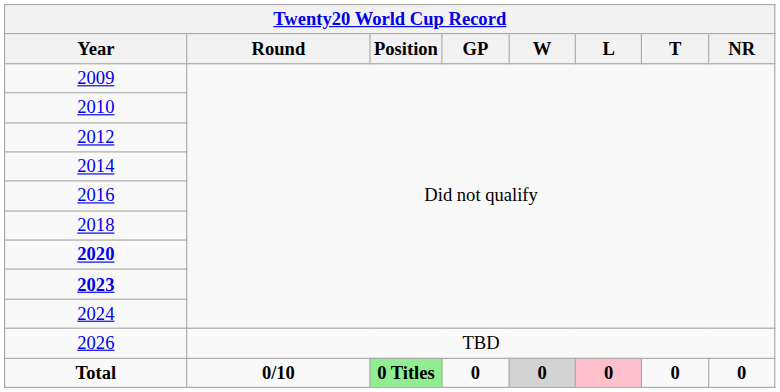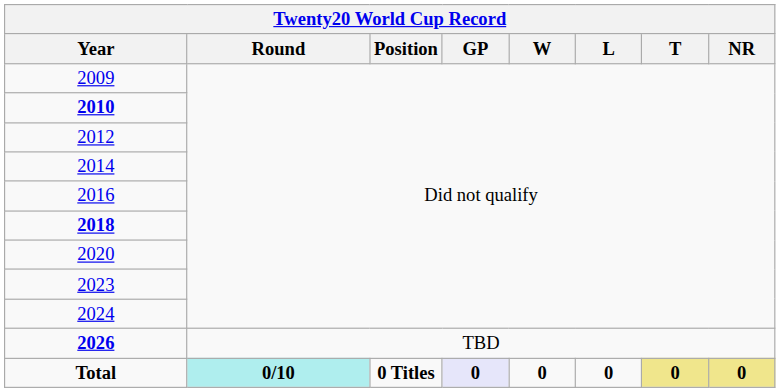 <table class="wikitable" style="text-align: center; width=900px;">
 <tr>
 <th colspan="8"><a href='#'>Twenty20 World Cup Record</a></th>
 </tr>
 <tr>
 <th width=150>Year</th>
 <th width=150>Round</th>
 <th width=50>Position</th>
 <th width=50>GP</th>
 <th width=50>W</th>
 <th width=50>L</th>
 <th width=50>T</th>
 <th width=50>NR</th>
 </tr>
 <tr>
 <td> <a href='#'>2009</a></td>
 <td colspan=7 rowspan=9>Did not qualify</td>
 </tr>
 <tr>
-<td> <a href='#'>2010</a></td>
+<td><strong> <a href='#'>2010</a></strong></td>
 </tr>
 <tr>
 <td> <a href='#'>2012</a></td>
 </tr>
 <tr>
 <td> <a href='#'>2014</a></td>
 </tr>
 <tr>
 <td> <a href='#'>2016</a></td>
 </tr>
 <tr>
-<td> <a href='#'>2018</a></td>
+<td><strong> <a href='#'>2018</a></strong></td>
 </tr>
 <tr>
-<td><strong> <a href='#'>2020</a></strong></td>
+<td> <a href='#'>2020</a></td>
 </tr>
 <tr>
-<td><strong> <a href='#'>2023</a></strong></td>
+<td> <a href='#'>2023</a></td>
 </tr>
 <tr>
 <td> <a href='#'>2024</a></td>
 </tr>
 <tr>
-<td> <a href='#'>2026</a></td>
+<td><strong> <a href='#'>2026</a></strong></td>
 <td colspan=7 rowspan=1>TBD</td>
 </tr>
 <tr>
 <td><strong>Total</strong></td>
-<td><strong>0/10</strong></td>
-<td style="background: lightgreen;"><strong>0 Titles</strong></td>
-<td><strong>0</strong></td>
-<td style="background: lightgrey;"><strong>0</strong></td>
-<td style="background: pink;"><strong>0</strong></td>
+<td style="background: paleturquoise;"><strong>0/10</strong></td>
+<td><strong>0 Titles</strong></td>
+<td style="background: lavender;"><strong>0</strong></td>
 <td><strong>0</strong></td>
 <td><strong>0</strong></td>
+<td style="background: khaki;"><strong>0</strong></td>
+<td style="background: khaki;"><strong>0</strong></td>
 </tr>
 </table>
